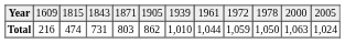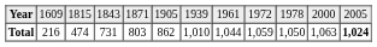 <table border="1" cellpadding="2" cellspacing="0" width="500">
 <tr bgcolor="#eeeeee" align="center">
 <td><strong>Year</strong></td>
 <td>1609</td>
 <td>1815</td>
 <td>1843</td>
 <td>1871</td>
 <td>1905</td>
 <td>1939</td>
 <td>1961</td>
 <td>1972</td>
 <td>1978</td>
 <td>2000</td>
 <td>2005</td>
 </tr>
 <tr align="center">
 <td><strong>Total</strong></td>
 <td>216</td>
 <td>474</td>
 <td>731</td>
 <td>803</td>
 <td>862</td>
 <td>1,010</td>
 <td>1,044</td>
 <td>1,059</td>
 <td>1,050</td>
 <td>1,063</td>
-<td>1,024</td>
+<td><strong>1,024</strong></td>
 </tr>
 </table>
